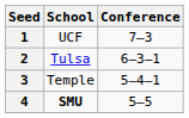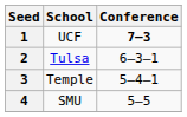 <table class="wikitable" style="text-align:center">
 <tr>
 <th>Seed</th>
 <th>School</th>
 <th>Conference</th>
 </tr>
 <tr>
 <th>1</th>
 <td>UCF</td>
-<td>7–3</td>
+<td><strong>7–3</strong></td>
 </tr>
 <tr>
 <th>2</th>
 <td><a href='#'>Tulsa</a></td>
 <td>6–3–1</td>
 </tr>
 <tr>
 <th>3</th>
 <td>Temple</td>
 <td>5–4–1</td>
 </tr>
 <tr>
 <th>4</th>
-<td><strong>SMU</strong></td>
+<td>SMU</td>
 <td>5–5</td>
 </tr>
 <tr>
 </tr>
 </table>
